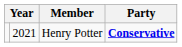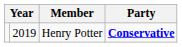 <table class="wikitable">
 <tr>
 <th colspan="2">Year</th>
 <th>Member</th>
 <th>Party</th>
 </tr>
 <tr>
 <td style="background-color: "></td>
-<td>2021</td>
+<td>2019</td>
 <td>Henry Potter</td>
 <td><strong><a href='#'>Conservative</a></strong></td>
 </tr>
 </table>
